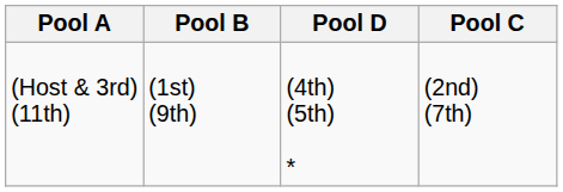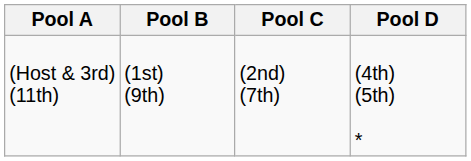 <table class="wikitable">
 <tr>
 <th width=25%>Pool A</th>
 <th width=25%>Pool B</th>
+<th width=25%>Pool C</th>
 <th width=25%>Pool D</th>
-<th width=25%>Pool C</th>
 </tr>
 <tr>
 <td valign=top><br> (Host & 3rd)<br>  (11th)<br> </td>
 <td valign=top><br> (1st)<br>  (9th)<br> </td>
+<td valign=top><br> (2nd)<br>  (7th)<br> </td>
 <td><br> (4th)<br>  (5th)<br> <br> <s></s> *</td>
-<td valign=top><br> (2nd)<br>  (7th)<br> </td>
 </tr>
 </table>
